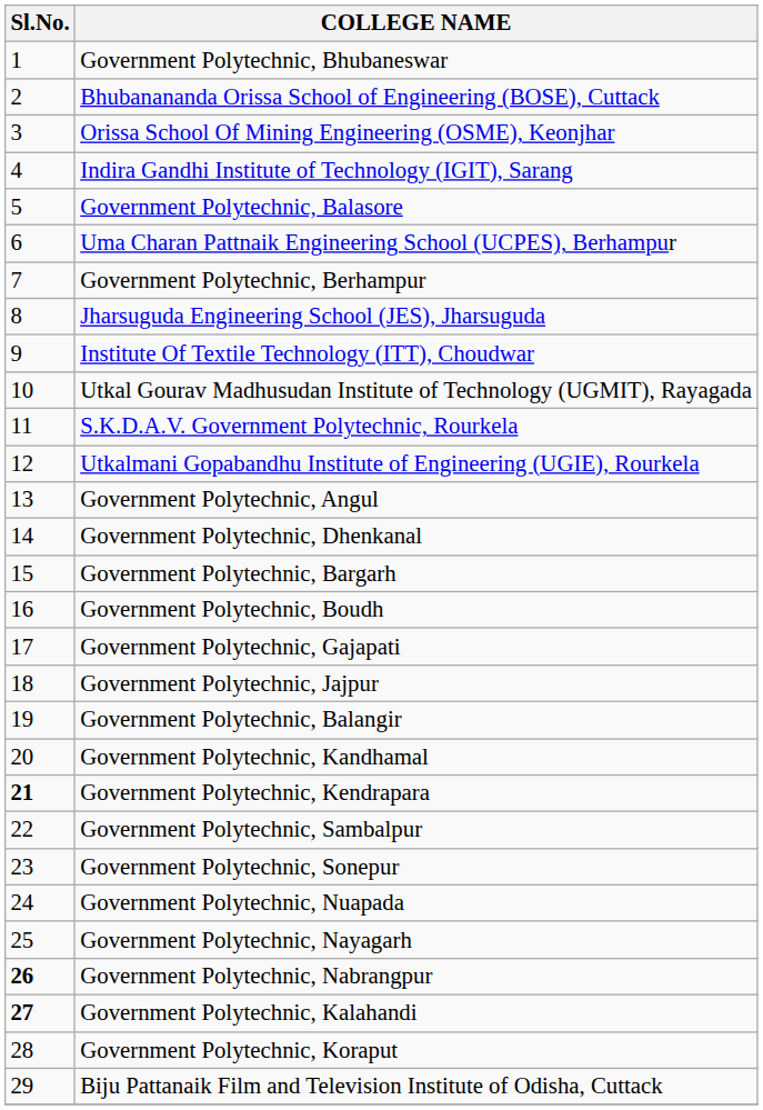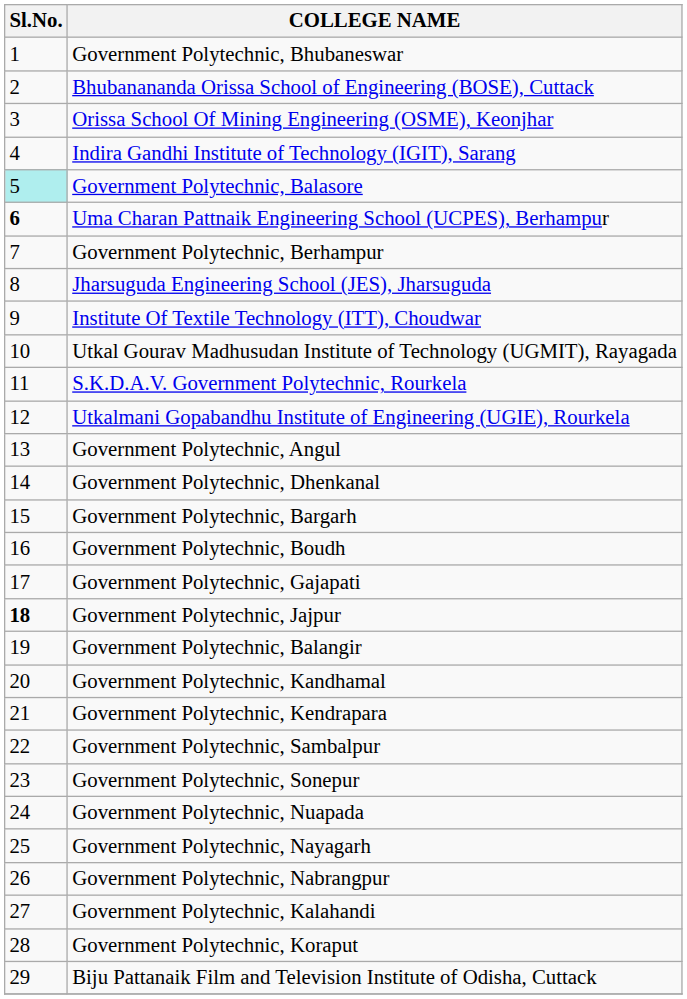 <table class="wikitable">
 <tr>
 <th>Sl.No.</th>
 <th>COLLEGE NAME</th>
 </tr>
 <tr>
 <td>1</td>
 <td>Government Polytechnic, Bhubaneswar</td>
 </tr>
 <tr>
 <td>2</td>
 <td><a href='#'>Bhubanananda Orissa School of Engineering (BOSE), Cuttack</a></td>
 </tr>
 <tr>
 <td>3</td>
 <td><a href='#'>Orissa School Of Mining Engineering (OSME), Keonjhar</a></td>
 </tr>
 <tr>
 <td>4</td>
 <td><a href='#'>Indira Gandhi Institute of Technology (IGIT), Sarang</a></td>
 </tr>
 <tr>
-<td>5</td>
+<td style="background: paleturquoise;">5</td>
 <td><a href='#'>Government Polytechnic, Balasore</a></td>
 </tr>
 <tr>
-<td>6</td>
+<td><strong>6</strong></td>
 <td><a href='#'>Uma Charan Pattnaik Engineering School (UCPES), Berhampu</a>r</td>
 </tr>
 <tr>
 <td>7</td>
 <td>Government Polytechnic, Berhampur</td>
 </tr>
 <tr>
 <td>8</td>
 <td><a href='#'>Jharsuguda Engineering School (JES), Jharsuguda</a></td>
 </tr>
 <tr>
 <td>9</td>
 <td><a href='#'>Institute Of Textile Technology (ITT), Choudwar</a></td>
 </tr>
 <tr>
 <td>10</td>
 <td>Utkal Gourav Madhusudan Institute of Technology (UGMIT), Rayagada</td>
 </tr>
 <tr>
 <td>11</td>
 <td><a href='#'>S.K.D.A.V. Government Polytechnic, Rourkela</a></td>
 </tr>
 <tr>
 <td>12</td>
 <td><a href='#'>Utkalmani Gopabandhu Institute of Engineering (UGIE), Rourkela</a></td>
 </tr>
 <tr>
 <td>13</td>
 <td>Government Polytechnic, Angul</td>
 </tr>
 <tr>
 <td>14</td>
 <td>Government Polytechnic, Dhenkanal</td>
 </tr>
 <tr>
 <td>15</td>
 <td>Government Polytechnic, Bargarh</td>
 </tr>
 <tr>
 <td>16</td>
 <td>Government Polytechnic, Boudh</td>
 </tr>
 <tr>
 <td>17</td>
 <td>Government Polytechnic, Gajapati</td>
 </tr>
 <tr>
-<td>18</td>
+<td><strong>18</strong></td>
 <td>Government Polytechnic, Jajpur</td>
 </tr>
 <tr>
 <td>19</td>
 <td>Government Polytechnic, Balangir</td>
 </tr>
 <tr>
 <td>20</td>
 <td>Government Polytechnic, Kandhamal</td>
 </tr>
 <tr>
-<td><strong>21</strong></td>
+<td>21</td>
 <td>Government Polytechnic, Kendrapara</td>
 </tr>
 <tr>
 <td>22</td>
 <td>Government Polytechnic, Sambalpur</td>
 </tr>
 <tr>
 <td>23</td>
 <td>Government Polytechnic, Sonepur</td>
 </tr>
 <tr>
 <td>24</td>
 <td>Government Polytechnic, Nuapada</td>
 </tr>
 <tr>
 <td>25</td>
 <td>Government Polytechnic, Nayagarh</td>
 </tr>
 <tr>
-<td><strong>26</strong></td>
+<td>26</td>
 <td>Government Polytechnic, Nabrangpur</td>
 </tr>
 <tr>
-<td><strong>27</strong></td>
+<td>27</td>
 <td>Government Polytechnic, Kalahandi</td>
 </tr>
 <tr>
 <td>28</td>
 <td>Government Polytechnic, Koraput</td>
 </tr>
 <tr>
 <td>29</td>
 <td>Biju Pattanaik Film and Television Institute of Odisha, Cuttack</td>
 </tr>
 <tr>
 </tr>
 </table>
